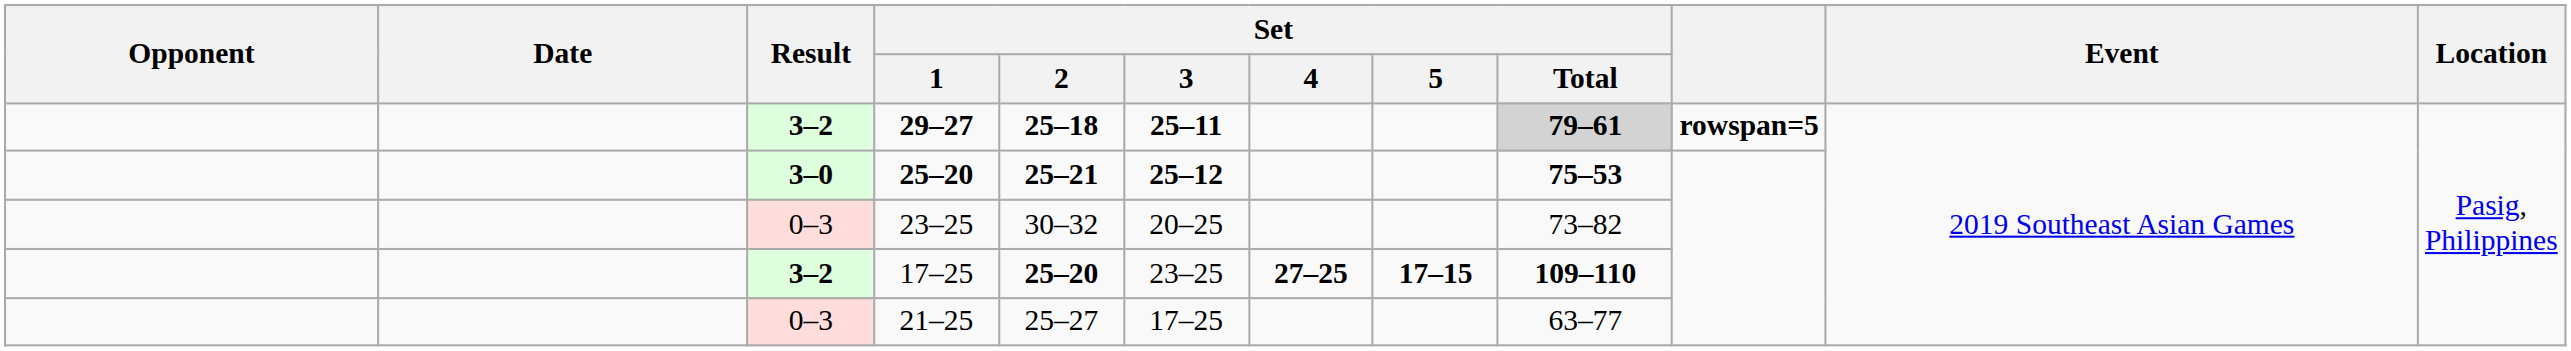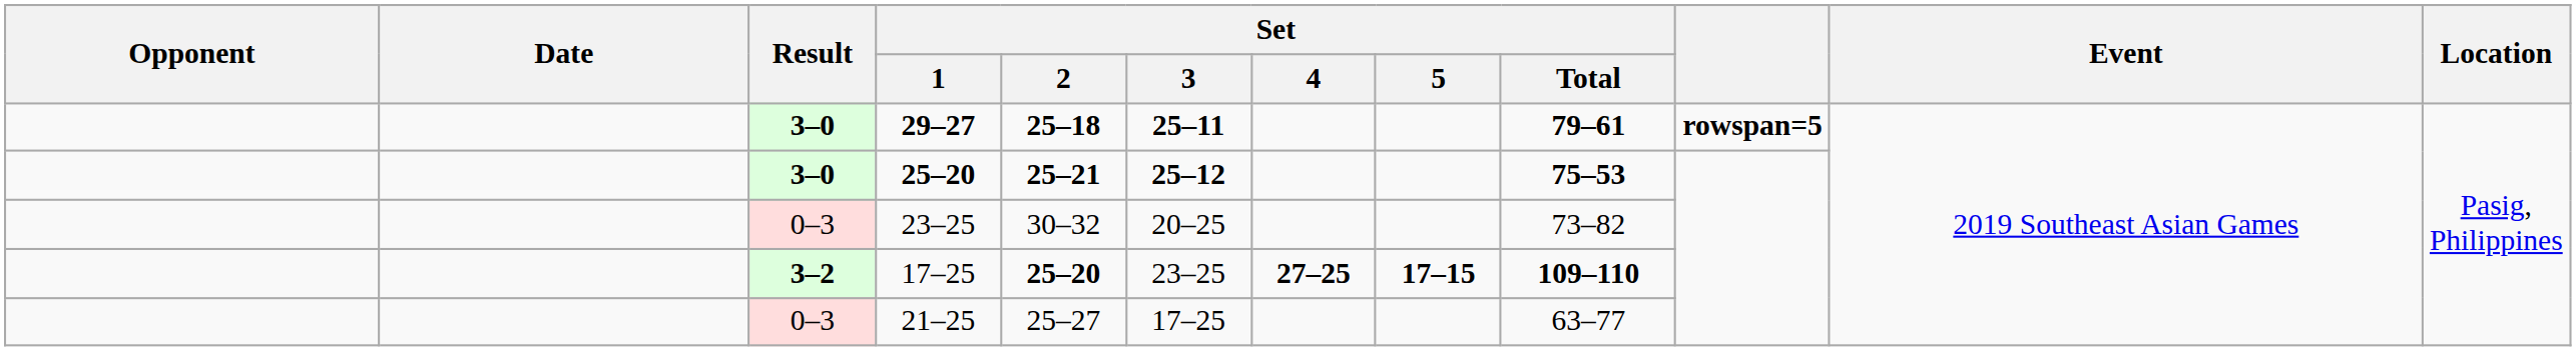 <table class="wikitable" style="font-size: 90%">
 <tr>
 <th rowspan=2 width=15%>Opponent</th>
 <th rowspan=2 width=15%>Date</th>
 <th rowspan=2 width=5%>Result</th>
 <th colspan=6>Set</th>
 <th rowspan=2 width=5%></th>
 <th rowspan=2 width=24%>Event</th>
 <th rowspan=2 width=16%>Location</th>
 </tr>
 <tr>
 <th width=5%>1</th>
 <th width=5%>2</th>
 <th width=5%>3</th>
 <th width=5%>4</th>
 <th width=5%>5</th>
 <th width=7%>Total</th>
 </tr>
 <tr style="text-align:center;">
 <td style="text-align:left;"></td>
 <td></td>
-<td style="background:#ddffdd;"><strong>3–2</strong></td>
+<td style="background:#ddffdd;"><strong>3–0</strong></td>
 <td><strong>29–27</strong></td>
 <td><strong>25–18</strong></td>
 <td><strong>25–11</strong></td>
 <td></td>
 <td></td>
-<td style="background: lightgrey;"><strong>79–61</strong></td>
+<td><strong>79–61</strong></td>
 <td><strong>rowspan=5 </strong></td>
 <td rowspan=5><a href='#'>2019 Southeast Asian Games</a></td>
 <td rowspan=5><a href='#'>Pasig</a>, <a href='#'>Philippines</a></td>
 </tr>
 <tr style="text-align:center;">
 <td style="text-align:left;"></td>
 <td></td>
 <td style="background:#ddffdd;"><strong>3–0</strong></td>
 <td><strong>25–20</strong></td>
 <td><strong>25–21</strong></td>
 <td><strong>25–12</strong></td>
 <td></td>
 <td></td>
 <td><strong>75–53</strong></td>
 </tr>
 <tr style="text-align:center;">
 <td style="text-align:left;"></td>
 <td></td>
 <td style="background:#ffdddd;">0–3</td>
 <td>23–25</td>
 <td>30–32</td>
 <td>20–25</td>
 <td></td>
 <td></td>
 <td>73–82</td>
 </tr>
 <tr style="text-align:center;">
 <td style="text-align:left;"></td>
 <td></td>
 <td style="background:#ddffdd;"><strong>3–2</strong></td>
 <td>17–25</td>
 <td><strong>25–20</strong></td>
 <td>23–25</td>
 <td><strong>27–25</strong></td>
 <td><strong>17–15</strong></td>
 <td><strong>109–110</strong></td>
 </tr>
 <tr style="text-align:center;">
 <td style="text-align:left;"></td>
 <td></td>
 <td style="background:#ffdddd;">0–3</td>
 <td>21–25</td>
 <td>25–27</td>
 <td>17–25</td>
 <td></td>
 <td></td>
 <td>63–77</td>
 </tr>
 </table>
